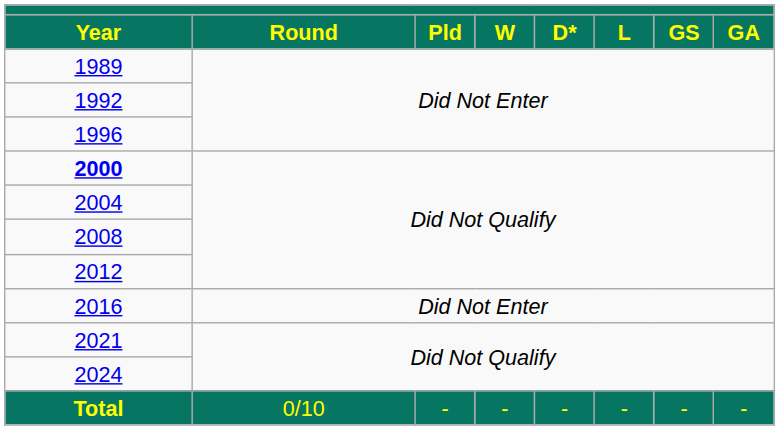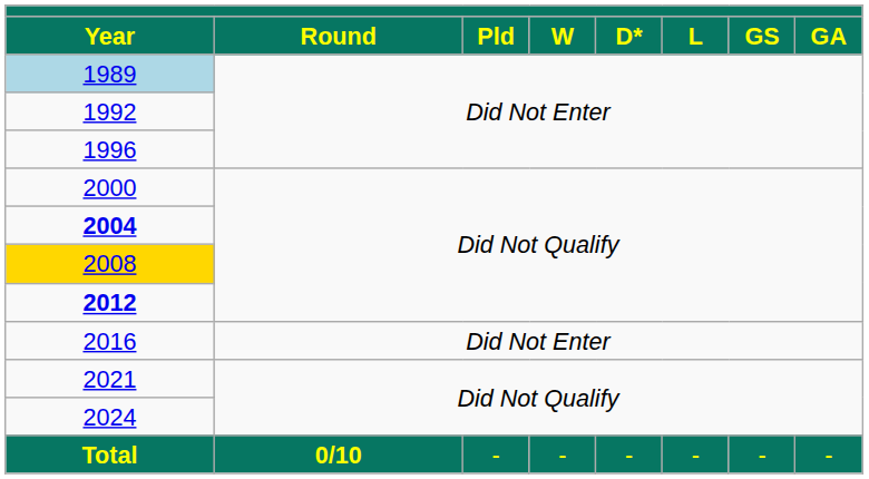 <table class="wikitable" style="text-align: center;font-size:95%;">
 <tr>
 <th colspan=9 style="background:#067662"><a href='#'></a></th>
 </tr>
 <tr style="color:yellow;">
 <th style="background:#067662;" width=125>Year</th>
 <th style="background:#067662;" width=150>Round</th>
 <th style="background:#067662;" width=35>Pld</th>
 <th style="background:#067662;" width=35>W</th>
 <th style="background:#067662;" width=35>D*</th>
 <th style="background:#067662;" width=35>L</th>
 <th style="background:#067662;" width=35>GS</th>
 <th style="background:#067662;" width=35>GA</th>
 </tr>
 <tr>
-<td> <a href='#'>1989</a></td>
+<td style="background: lightblue;"> <a href='#'>1989</a></td>
 <td colspan=8 rowspan=3><em>Did Not Enter</em></td>
 </tr>
 <tr>
 <td> <a href='#'>1992</a></td>
 </tr>
 <tr>
 <td> <a href='#'>1996</a></td>
 </tr>
 <tr>
-<td><strong> <a href='#'>2000</a></strong></td>
+<td> <a href='#'>2000</a></td>
 <td colspan=8 rowspan=4><em>Did Not Qualify</em></td>
 </tr>
 <tr>
-<td> <a href='#'>2004</a></td>
+<td><strong> <a href='#'>2004</a></strong></td>
 </tr>
 <tr>
-<td> <a href='#'>2008</a></td>
+<td style="background: gold;"> <a href='#'>2008</a></td>
 </tr>
 <tr>
-<td> <a href='#'>2012</a></td>
+<td><strong> <a href='#'>2012</a></strong></td>
 </tr>
 <tr>
 <td> <a href='#'>2016</a></td>
 <td colspan=10><em>Did Not Enter</em></td>
 </tr>
 <tr>
 <td> <a href='#'>2021</a></td>
 <td colspan=10 rowspan=2><em>Did Not Qualify</em></td>
 </tr>
 <tr>
 <td> <a href='#'>2024</a></td>
 </tr>
 <tr bgcolor="#067662" style="color:yellow;">
 <td><strong>Total</strong></td>
-<td>0/10</td>
+<td><strong>0/10</strong></td>
 <td>-</td>
 <td>-</td>
 <td>-</td>
 <td>-</td>
 <td>-</td>
 <td>-</td>
 </tr>
 </table>
